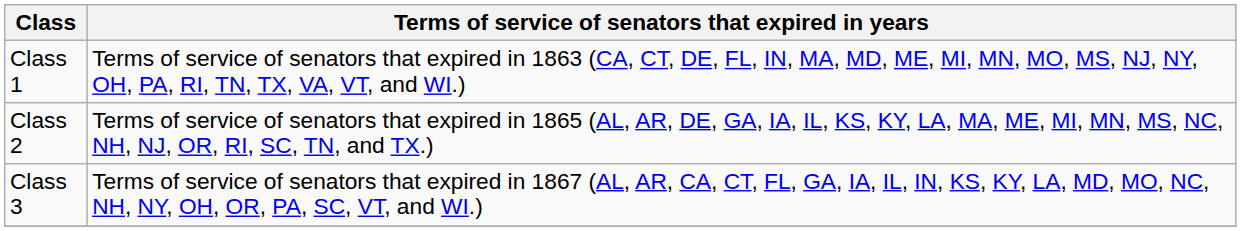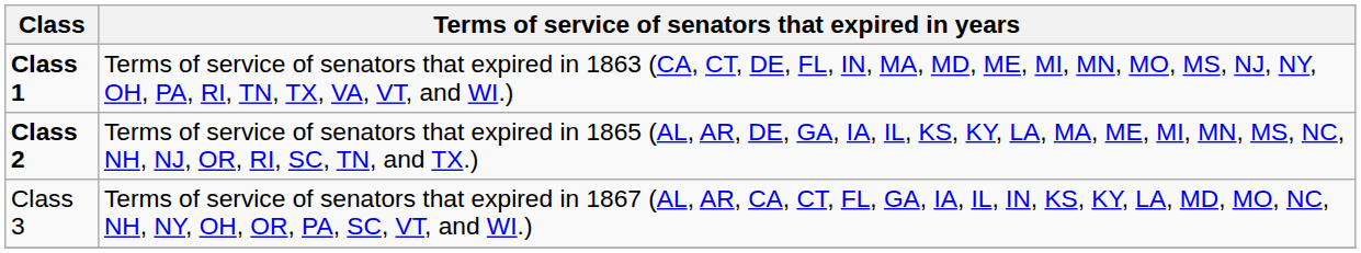 <table class="wikitable sortable">
 <tr valign=bottom>
 <th>Class</th>
 <th>Terms of service of senators that expired in years</th>
 </tr>
 <tr>
-<td>Class 1</td>
+<td><strong>Class 1</strong></td>
 <td>Terms of service of senators that expired in 1863 (<a href='#'>CA</a>, <a href='#'>CT</a>, <a href='#'>DE</a>, <a href='#'>FL</a>, <a href='#'>IN</a>, <a href='#'>MA</a>, <a href='#'>MD</a>, <a href='#'>ME</a>,  <a href='#'>MI</a>, <a href='#'>MN</a>, <a href='#'>MO</a>, <a href='#'>MS</a>, <a href='#'>NJ</a>, <a href='#'>NY</a>, <a href='#'>OH</a>, <a href='#'>PA</a>, <a href='#'>RI</a>, <a href='#'>TN</a>, <a href='#'>TX</a>, <a href='#'>VA</a>, <a href='#'>VT</a>, and <a href='#'>WI</a>.)</td>
 </tr>
 <tr>
-<td>Class 2</td>
+<td><strong>Class 2</strong></td>
 <td>Terms of service of senators that expired in 1865 (<a href='#'>AL</a>, <a href='#'>AR</a>, <a href='#'>DE</a>, <a href='#'>GA</a>, <a href='#'>IA</a>, <a href='#'>IL</a>, <a href='#'>KS</a>, <a href='#'>KY</a>, <a href='#'>LA</a>, <a href='#'>MA</a>, <a href='#'>ME</a>, <a href='#'>MI</a>, <a href='#'>MN</a>, <a href='#'>MS</a>, <a href='#'>NC</a>, <a href='#'>NH</a>, <a href='#'>NJ</a>, <a href='#'>OR</a>, <a href='#'>RI</a>, <a href='#'>SC</a>, <a href='#'>TN</a>, and <a href='#'>TX</a>.)</td>
 </tr>
 <tr>
 <td>Class 3</td>
 <td>Terms of service of senators that expired in 1867 (<a href='#'>AL</a>, <a href='#'>AR</a>, <a href='#'>CA</a>, <a href='#'>CT</a>, <a href='#'>FL</a>, <a href='#'>GA</a>, <a href='#'>IA</a>, <a href='#'>IL</a>, <a href='#'>IN</a>, <a href='#'>KS</a>, <a href='#'>KY</a>, <a href='#'>LA</a>, <a href='#'>MD</a>, <a href='#'>MO</a>, <a href='#'>NC</a>, <a href='#'>NH</a>, <a href='#'>NY</a>, <a href='#'>OH</a>, <a href='#'>OR</a>, <a href='#'>PA</a>, <a href='#'>SC</a>, <a href='#'>VT</a>, and <a href='#'>WI</a>.)</td>
 </tr>
 <tr>
 </tr>
 </table>
